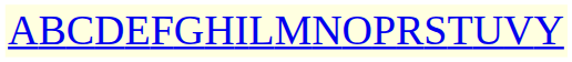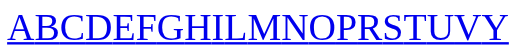 <table class="toc" id="toc" summary="Class">
 <tr>
 <th></th>
 </tr>
 <tr>
-<td style="background: lightyellow; text-align:center;"><a href='#'>A</a><a href='#'>B</a><a href='#'>C</a><a href='#'>D</a><a href='#'>E</a><a href='#'>F</a><a href='#'>G</a><a href='#'>H</a><a href='#'>I</a><a href='#'>L</a><a href='#'>M</a><a href='#'>N</a><a href='#'>O</a><a href='#'>P</a><a href='#'>R</a><a href='#'>S</a><a href='#'>T</a><a href='#'>U</a><a href='#'>V</a><a href='#'>Y</a></td>
+<td style="text-align:center;"><a href='#'>A</a><a href='#'>B</a><a href='#'>C</a><a href='#'>D</a><a href='#'>E</a><a href='#'>F</a><a href='#'>G</a><a href='#'>H</a><a href='#'>I</a><a href='#'>L</a><a href='#'>M</a><a href='#'>N</a><a href='#'>O</a><a href='#'>P</a><a href='#'>R</a><a href='#'>S</a><a href='#'>T</a><a href='#'>U</a><a href='#'>V</a><a href='#'>Y</a></td>
 </tr>
 </table>
